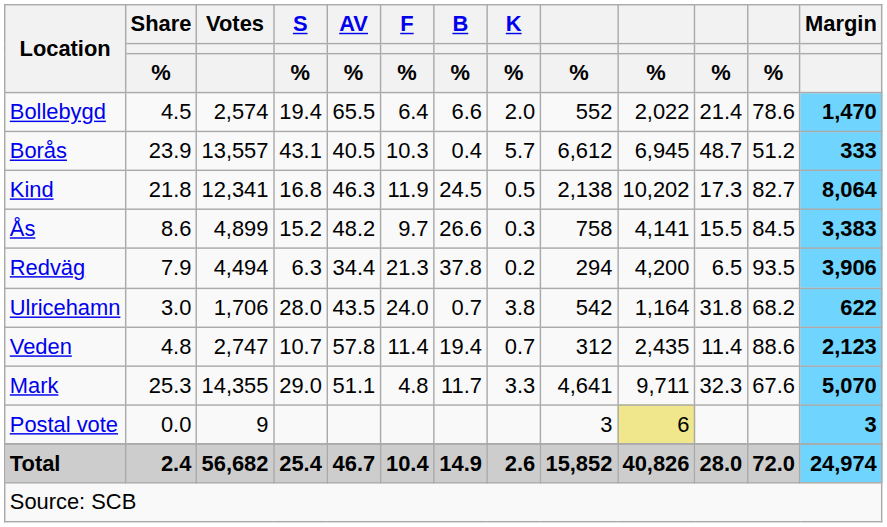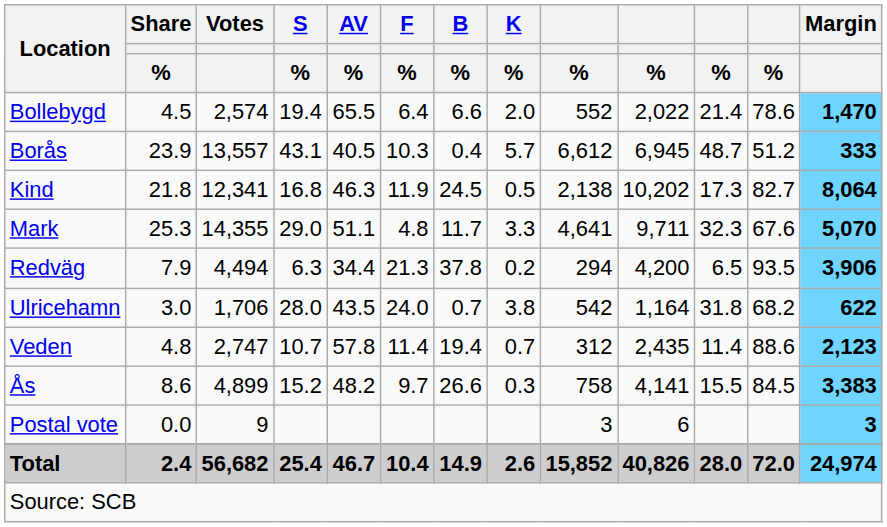 <table class="wikitable sortable" style="text-align:right; font-size:95%; line-height:20px;">
 <tr>
 <th rowspan="3">Location</th>
 <th>Share</th>
 <th>Votes</th>
 <th width="30px" class="unsortable"><a href='#'>S</a></th>
 <th width="30px" class="unsortable"><a href='#'>AV</a></th>
 <th width="30px" class="unsortable"><a href='#'>F</a></th>
 <th width="30px" class="unsortable"><a href='#'>B</a></th>
 <th width="30px" class="unsortable"><a href='#'>K</a></th>
 <th></th>
 <th></th>
 <th></th>
 <th></th>
 <th>Margin</th>
 </tr>
 <tr>
 <th></th>
 <th></th>
 <th style="background:"></th>
 <th style="background:"></th>
 <th style="background:"></th>
 <th style="background:"></th>
 <th style="background:"></th>
 <th style="background:"></th>
 <th style="background:"></th>
 <th style="background:"></th>
 <th style="background:"></th>
 <th></th>
 </tr>
 <tr>
 <th data-sort-type="number">%</th>
 <th></th>
 <th data-sort-type="number">%</th>
 <th data-sort-type="number">%</th>
 <th data-sort-type="number">%</th>
 <th data-sort-type="number">%</th>
 <th data-sort-type="number">%</th>
 <th data-sort-type="number">%</th>
 <th data-sort-type="number">%</th>
 <th data-sort-type="number">%</th>
 <th data-sort-type="number">%</th>
 <th></th>
 </tr>
 <tr>
 <td align=left><a href='#'>Bollebygd</a></td>
 <td>4.5</td>
 <td>2,574</td>
 <td>19.4</td>
 <td>65.5</td>
 <td>6.4</td>
 <td>6.6</td>
 <td>2.0</td>
 <td>552</td>
 <td>2,022</td>
 <td>21.4</td>
 <td>78.6</td>
 <td bgcolor=#6fd5fe><strong>1,470</strong></td>
 </tr>
 <tr>
 <td align=left><a href='#'>Borås</a></td>
 <td>23.9</td>
 <td>13,557</td>
 <td>43.1</td>
 <td>40.5</td>
 <td>10.3</td>
 <td>0.4</td>
 <td>5.7</td>
 <td>6,612</td>
 <td>6,945</td>
 <td>48.7</td>
 <td>51.2</td>
 <td bgcolor=#6fd5fe><strong>333</strong></td>
 </tr>
 <tr>
 <td align=left><a href='#'>Kind</a></td>
 <td>21.8</td>
 <td>12,341</td>
 <td>16.8</td>
 <td>46.3</td>
 <td>11.9</td>
 <td>24.5</td>
 <td>0.5</td>
 <td>2,138</td>
 <td>10,202</td>
 <td>17.3</td>
 <td>82.7</td>
 <td bgcolor=#6fd5fe><strong>8,064</strong></td>
 </tr>
 <tr>
-<td align=left><a href='#'>Ås</a></td>
-<td>8.6</td>
-<td>4,899</td>
-<td>15.2</td>
-<td>48.2</td>
-<td>9.7</td>
-<td>26.6</td>
-<td>0.3</td>
-<td>758</td>
-<td>4,141</td>
-<td>15.5</td>
-<td>84.5</td>
-<td bgcolor=#6fd5fe><strong>3,383</strong></td>
+<td align=left><a href='#'>Mark</a></td>
+<td>25.3</td>
+<td>14,355</td>
+<td>29.0</td>
+<td>51.1</td>
+<td>4.8</td>
+<td>11.7</td>
+<td>3.3</td>
+<td>4,641</td>
+<td>9,711</td>
+<td>32.3</td>
+<td>67.6</td>
+<td bgcolor=#6fd5fe><strong>5,070</strong></td>
 </tr>
 <tr>
 <td align=left><a href='#'>Redväg</a></td>
 <td>7.9</td>
 <td>4,494</td>
 <td>6.3</td>
 <td>34.4</td>
 <td>21.3</td>
 <td>37.8</td>
 <td>0.2</td>
 <td>294</td>
 <td>4,200</td>
 <td>6.5</td>
 <td>93.5</td>
 <td bgcolor=#6fd5fe><strong>3,906</strong></td>
 </tr>
 <tr>
 <td align=left><a href='#'>Ulricehamn</a></td>
 <td>3.0</td>
 <td>1,706</td>
 <td>28.0</td>
 <td>43.5</td>
 <td>24.0</td>
 <td>0.7</td>
 <td>3.8</td>
 <td>542</td>
 <td>1,164</td>
 <td>31.8</td>
 <td>68.2</td>
 <td bgcolor=#6fd5fe><strong>622</strong></td>
 </tr>
 <tr>
 <td align=left><a href='#'>Veden</a></td>
 <td>4.8</td>
 <td>2,747</td>
 <td>10.7</td>
 <td>57.8</td>
 <td>11.4</td>
 <td>19.4</td>
 <td>0.7</td>
 <td>312</td>
 <td>2,435</td>
 <td>11.4</td>
 <td>88.6</td>
 <td bgcolor=#6fd5fe><strong>2,123</strong></td>
 </tr>
 <tr>
-<td align=left><a href='#'>Mark</a></td>
-<td>25.3</td>
-<td>14,355</td>
-<td>29.0</td>
-<td>51.1</td>
-<td>4.8</td>
-<td>11.7</td>
-<td>3.3</td>
-<td>4,641</td>
-<td>9,711</td>
-<td>32.3</td>
-<td>67.6</td>
-<td bgcolor=#6fd5fe><strong>5,070</strong></td>
+<td align=left><a href='#'>Ås</a></td>
+<td>8.6</td>
+<td>4,899</td>
+<td>15.2</td>
+<td>48.2</td>
+<td>9.7</td>
+<td>26.6</td>
+<td>0.3</td>
+<td>758</td>
+<td>4,141</td>
+<td>15.5</td>
+<td>84.5</td>
+<td bgcolor=#6fd5fe><strong>3,383</strong></td>
 </tr>
 <tr>
 <td align=left><a href='#'>Postal vote</a></td>
 <td>0.0</td>
 <td>9</td>
 <td></td>
 <td></td>
 <td></td>
 <td></td>
 <td></td>
 <td>3</td>
-<td style="background: khaki;">6</td>
+<td>6</td>
 <td></td>
 <td></td>
 <td bgcolor=#6fd5fe><strong>3</strong></td>
 </tr>
 <tr>
 </tr>
 <tr style="background:#CDCDCD;">
 <td align=left><strong>Total</strong></td>
 <td><strong>2.4</strong></td>
 <td><strong>56,682</strong></td>
 <td><strong>25.4</strong></td>
 <td><strong>46.7</strong></td>
 <td><strong>10.4</strong></td>
 <td><strong>14.9</strong></td>
 <td><strong>2.6</strong></td>
 <td><strong>15,852</strong></td>
 <td><strong>40,826</strong></td>
 <td><strong>28.0</strong></td>
 <td><strong>72.0</strong></td>
 <td bgcolor=#6fd5fe><strong>24,974</strong></td>
 </tr>
 <tr>
 <td align=left colspan=13>Source: SCB </td>
 </tr>
 </table>
